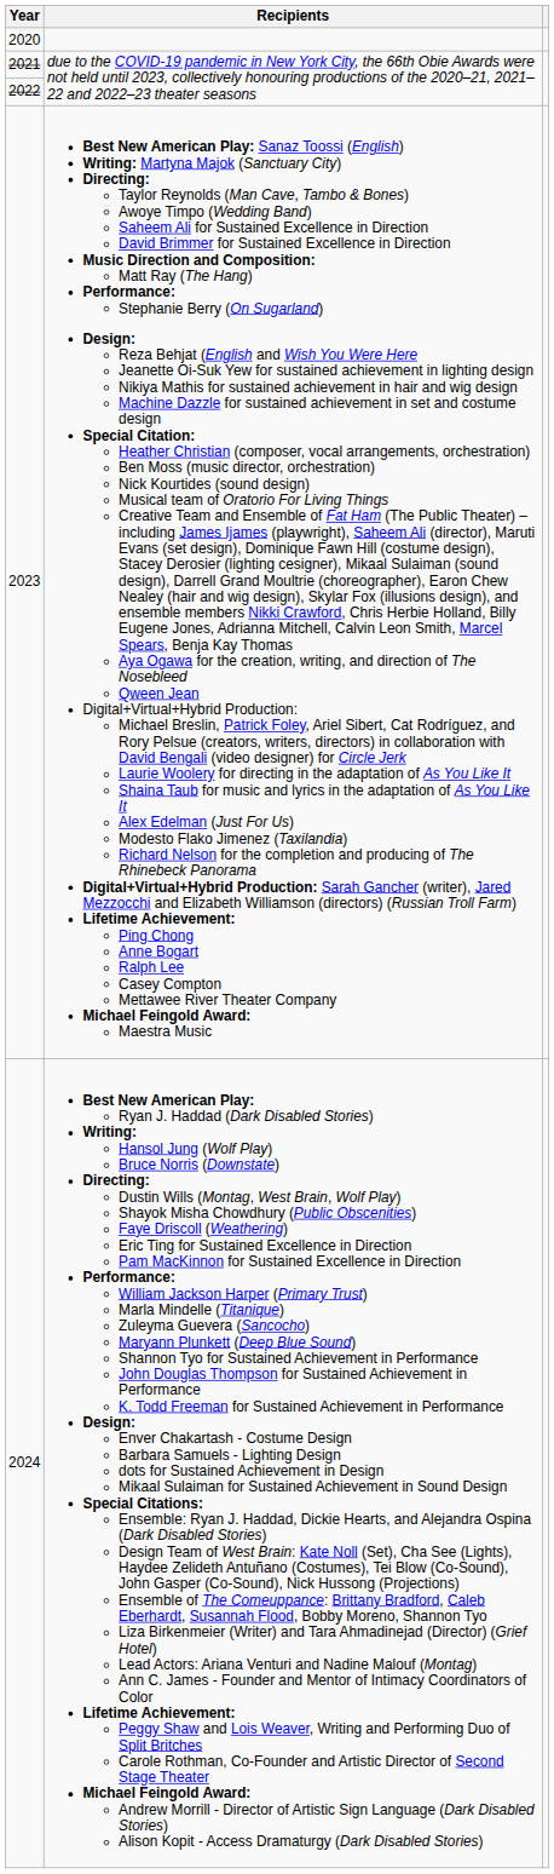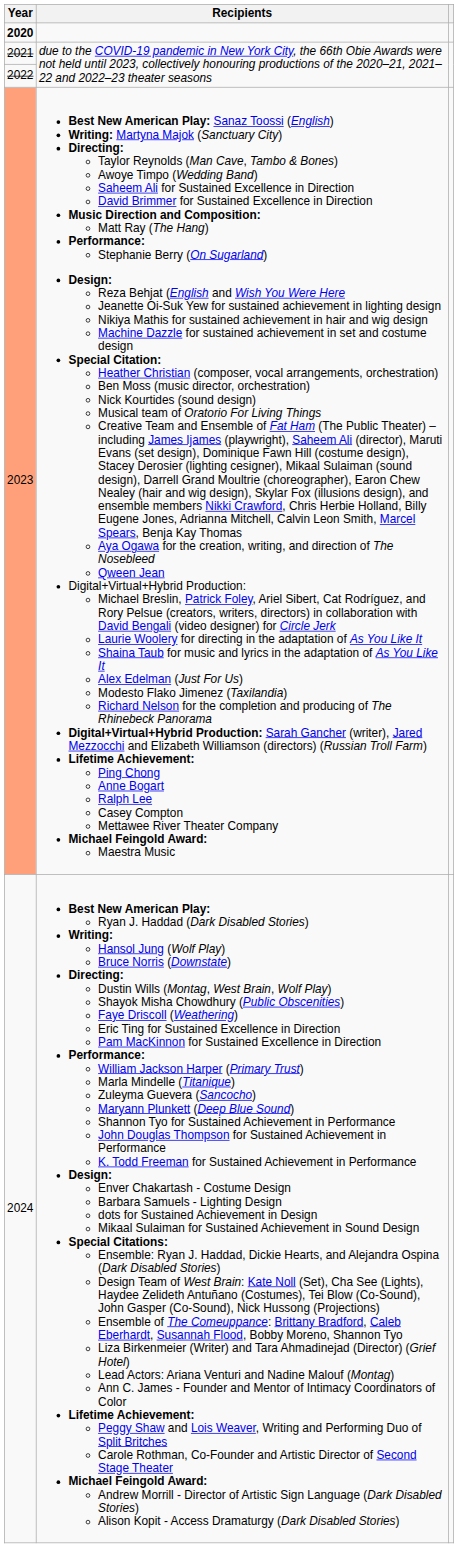 <table class="wikitable">
 <tr>
 <th>Year</th>
 <th>Recipients</th>
 <th></th>
 </tr>
 <tr>
-<td>2020</td>
+<td><strong>2020</strong></td>
 <td></td>
 <td></td>
 </tr>
 <tr>
 <td><s>2021</s></td>
 <td rowspan="2"><em>due to the <a href='#'>COVID-19 pandemic in New York City</a>, the 66th Obie Awards were not held until 2023, collectively honouring productions of the 2020–21, 2021–22 and 2022–23 theater seasons</em></td>
 <td rowspan="2"></td>
 </tr>
 <tr>
 <td><s>2022</s></td>
 </tr>
 <tr>
-<td>2023</td>
+<td style="background: lightsalmon;">2023</td>
 <td><br><ul><li><strong>Best New American Play:</strong> <a href='#'>Sanaz Toossi</a> (<em><a href='#'>English</a></em>)</li><li><strong>Writing:</strong> <a href='#'>Martyna Majok</a> (<em>Sanctuary City</em>)</li><li><strong>Directing:</strong><ul><li>Taylor Reynolds (<em>Man Cave</em>, <em>Tambo & Bones</em>)</li><li>Awoye Timpo (<em>Wedding Band</em>)</li><li><a href='#'>Saheem Ali</a> for Sustained Excellence in Direction</li><li><a href='#'>David Brimmer</a> for Sustained Excellence in Direction</li></ul></li><li><strong>Music Direction and Composition:</strong><ul><li>Matt Ray (<em>The Hang</em>)</li></ul></li><li><strong>Performance:</strong><ul><li>Stephanie Berry (<em><a href='#'>On Sugarland</a></em>)</li></ul></li></ul><ul><li><strong>Design:</strong><ul><li>Reza Behjat (<em><a href='#'>English</a></em> and <em><a href='#'>Wish You Were Here</a></em></li><li>Jeanette Oi-Suk Yew for sustained achievement in lighting design</li><li>Nikiya Mathis for sustained achievement in hair and wig design</li><li><a href='#'>Machine Dazzle</a> for sustained achievement in set and costume design</li></ul></li><li><strong>Special Citation:</strong><ul><li><a href='#'>Heather Christian</a> (composer, vocal arrangements, orchestration)</li><li>Ben Moss (music director, orchestration)</li><li>Nick Kourtides (sound design)</li><li>Musical team of <em>Oratorio For Living Things</em></li><li>Creative Team and Ensemble of <em><a href='#'>Fat Ham</a></em> (The Public Theater) – including <a href='#'>James Ijames</a> (playwright), <a href='#'>Saheem Ali</a> (director), Maruti Evans (set design), Dominique Fawn Hill (costume design), Stacey Derosier (lighting cesigner), Mikaal Sulaiman (sound design), Darrell Grand Moultrie (choreographer), Earon Chew Nealey (hair and wig design), Skylar Fox (illusions design), and ensemble members <a href='#'>Nikki Crawford</a>, Chris Herbie Holland, Billy Eugene Jones, Adrianna Mitchell, Calvin Leon Smith, <a href='#'>Marcel Spears</a>, Benja Kay Thomas</li><li><a href='#'>Aya Ogawa</a> for the creation, writing, and direction of <em>The Nosebleed</em></li><li><a href='#'>Qween Jean</a></li></ul></li><li>Digital+Virtual+Hybrid Production:<ul><li>Michael Breslin, <a href='#'>Patrick Foley</a>, Ariel Sibert, Cat Rodríguez, and Rory Pelsue (creators, writers, directors) in collaboration with <a href='#'>David Bengali</a> (video designer) for <em><a href='#'>Circle Jerk</a></em></li><li><a href='#'>Laurie Woolery</a> for directing in the adaptation of <em><a href='#'>As You Like It</a></em></li><li><a href='#'>Shaina Taub</a> for music and lyrics in the adaptation of <em><a href='#'>As You Like It</a></em></li><li><a href='#'>Alex Edelman</a> (<em>Just For Us</em>)</li><li>Modesto Flako Jimenez (<em>Taxilandia</em>)</li><li><a href='#'>Richard Nelson</a> for the completion and producing of <em>The Rhinebeck Panorama</em></li></ul></li><li><strong>Digital+Virtual+Hybrid Production:</strong> <a href='#'>Sarah Gancher</a> (writer), <a href='#'>Jared Mezzocchi</a> and Elizabeth Williamson (directors) (<em>Russian Troll Farm</em>)</li><li><strong>Lifetime Achievement:</strong><ul><li><a href='#'>Ping Chong</a></li><li><a href='#'>Anne Bogart</a></li><li><a href='#'>Ralph Lee</a></li><li>Casey Compton</li><li>Mettawee River Theater Company</li></ul></li><li><strong>Michael Feingold Award:</strong><ul><li>Maestra Music</li></ul></li></ul></td>
 <td></td>
 </tr>
 <tr>
 <td>2024</td>
 <td><br><ul><li><strong>Best New American Play:</strong><ul><li>Ryan J. Haddad (<em>Dark Disabled Stories</em>)</li></ul></li><li><strong>Writing:</strong><ul><li><a href='#'>Hansol Jung</a> (<em>Wolf Play</em>)</li><li><a href='#'>Bruce Norris</a> (<em><a href='#'>Downstate</a></em>)</li></ul></li><li><strong>Directing:</strong><ul><li>Dustin Wills (<em>Montag</em>, <em>West Brain</em>, <em>Wolf Play</em>)</li><li>Shayok Misha Chowdhury (<em><a href='#'>Public Obscenities</a></em>)</li><li><a href='#'>Faye Driscoll</a> (<em><a href='#'>Weathering</a></em>)</li><li>Eric Ting for Sustained Excellence in Direction</li><li><a href='#'>Pam MacKinnon</a> for Sustained Excellence in Direction</li></ul></li><li><strong>Performance:</strong><ul><li><a href='#'>William Jackson Harper</a> (<em><a href='#'>Primary Trust</a></em>)</li><li>Marla Mindelle (<em><a href='#'>Titanique</a></em>)</li><li>Zuleyma Guevera (<em><a href='#'>Sancocho</a></em>)</li><li><a href='#'>Maryann Plunkett</a> (<em><a href='#'>Deep Blue Sound</a></em>)</li><li>Shannon Tyo for Sustained Achievement in Performance</li><li><a href='#'>John Douglas Thompson</a> for Sustained Achievement in Performance</li><li><a href='#'>K. Todd Freeman</a> for Sustained Achievement in Performance</li></ul></li><li><strong>Design:</strong><ul><li>Enver Chakartash - Costume Design</li><li>Barbara Samuels - Lighting Design</li><li>dots for Sustained Achievement in Design</li><li>Mikaal Sulaiman for Sustained Achievement in Sound Design</li></ul></li><li><strong>Special Citations:</strong><ul><li>Ensemble: Ryan J. Haddad, Dickie Hearts, and Alejandra Ospina (<em>Dark Disabled Stories</em>)</li><li>Design Team of <em>West Brain</em>: <a href='#'>Kate Noll</a> (Set), Cha See (Lights), Haydee Zelideth Antuñano (Costumes), Tei Blow (Co-Sound), John Gasper (Co-Sound), Nick Hussong (Projections)</li><li>Ensemble of <em><a href='#'>The Comeuppance</a></em>: <a href='#'>Brittany Bradford</a>, <a href='#'>Caleb Eberhardt</a>, <a href='#'>Susannah Flood</a>, Bobby Moreno, Shannon Tyo</li><li>Liza Birkenmeier (Writer) and Tara Ahmadinejad (Director) (<em>Grief Hotel</em>)</li><li>Lead Actors: Ariana Venturi and Nadine Malouf (<em>Montag</em>)</li><li>Ann C. James - Founder and Mentor of Intimacy Coordinators of Color</li></ul></li><li><strong>Lifetime Achievement:</strong><ul><li><a href='#'>Peggy Shaw</a> and <a href='#'>Lois Weaver</a>, Writing and Performing Duo of <a href='#'>Split Britches</a></li><li>Carole Rothman, Co-Founder and Artistic Director of <a href='#'>Second Stage Theater</a></li></ul></li><li><strong>Michael Feingold Award:</strong><ul><li>Andrew Morrill - Director of Artistic Sign Language (<em>Dark Disabled Stories</em>)</li><li>Alison Kopit - Access Dramaturgy (<em>Dark Disabled Stories</em>)</li></ul></li></ul></td>
 <td></td>
 </tr>
 </table>
